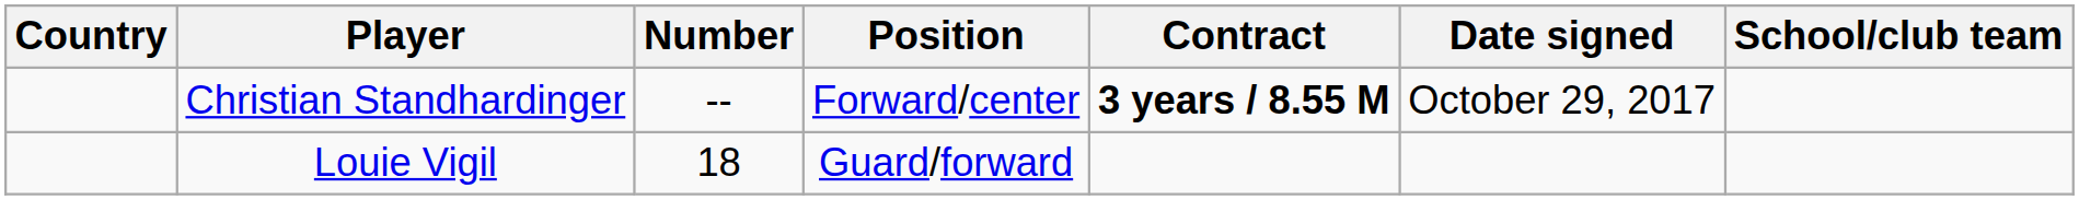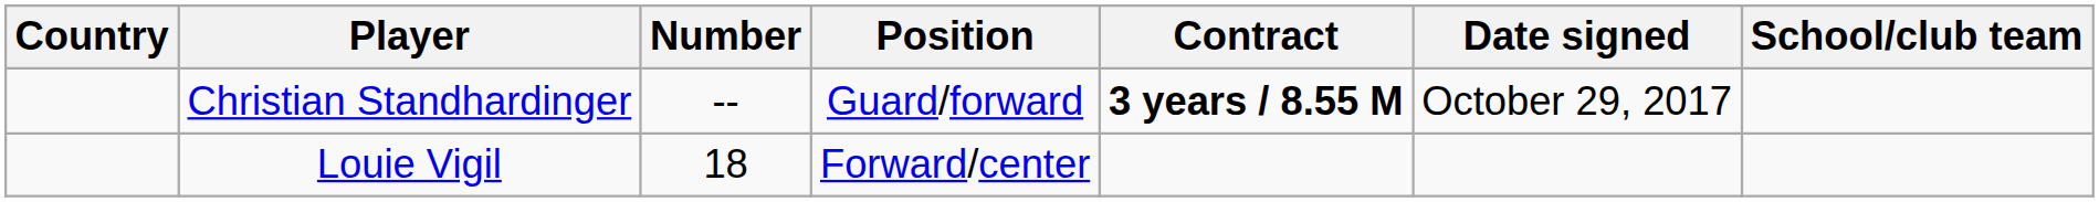 <table class="wikitable sortable sortable">
 <tr>
 <th>Country</th>
 <th>Player</th>
 <th>Number</th>
 <th>Position</th>
 <th>Contract</th>
 <th>Date signed</th>
 <th>School/club team</th>
 </tr>
 <tr>
 <td align=center></td>
 <td align=center><a href='#'>Christian Standhardinger</a></td>
 <td align=center>--</td>
-<td align=center><a href='#'>Forward</a>/<a href='#'>center</a></td>
+<td align=center><a href='#'>Guard</a>/<a href='#'>forward</a></td>
 <td align=center><strong>3 years / 8.55 M</strong></td>
 <td align=center>October 29, 2017</td>
 <td></td>
 </tr>
 <tr>
 <td align=center></td>
 <td align=center><a href='#'>Louie Vigil</a></td>
 <td align=center>18</td>
-<td align=center><a href='#'>Guard</a>/<a href='#'>forward</a></td>
+<td align=center><a href='#'>Forward</a>/<a href='#'>center</a></td>
 <td></td>
 <td></td>
 <td></td>
 </tr>
 </table>
